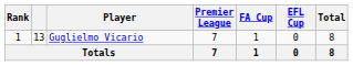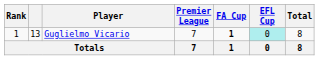 <table class="wikitable sortable" style="text-align: center;">
 <tr>
 <th width=10>Rank</th>
 <th width=10></th>
 <th width=200>Player</th>
 <th width=50><a href='#'>Premier League</a></th>
 <th width=50><a href='#'>FA Cup</a></th>
 <th width=50><a href='#'>EFL Cup</a></th>
 <th>Total</th>
 </tr>
 <tr>
 <td>1</td>
 <td>13</td>
 <td align="left"> <a href='#'>Guglielmo Vicario</a></td>
 <td>7</td>
-<td>1</td>
-<td>0</td>
+<td><strong>1</strong></td>
+<td style="background: paleturquoise;">0</td>
 <td>8</td>
 </tr>
 <tr>
 <th colspan="3">Totals</th>
 <th>7</th>
 <th>1</th>
 <th>0</th>
 <th>8</th>
 </tr>
 </table>
